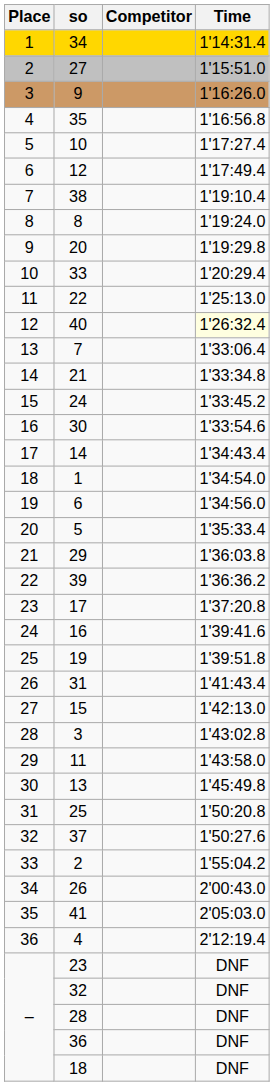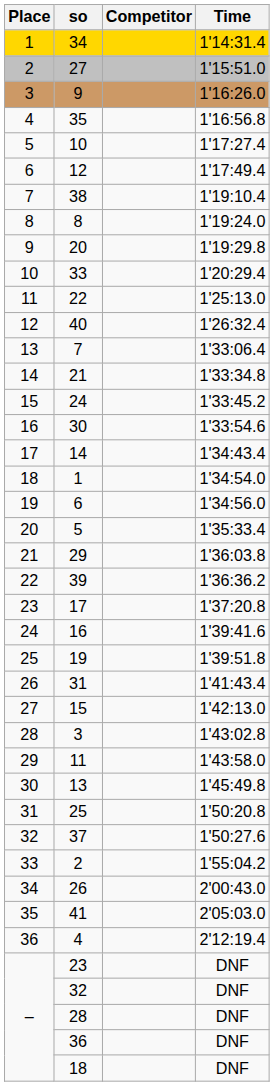 <table class=wikitable style="text-align:center">
 <tr>
 <th>Place</th>
 <th width=40>so</th>
 <th>Competitor</th>
 <th>Time</th>
 </tr>
 <tr align=center bgcolor=gold>
 <td>1</td>
 <td>34</td>
 <td align=left></td>
 <td>1'14:31.4</td>
 </tr>
 <tr align=center bgcolor=silver>
 <td>2</td>
 <td>27</td>
 <td align=left></td>
 <td>1'15:51.0</td>
 </tr>
 <tr align=center bgcolor=cc9966>
 <td>3</td>
 <td>9</td>
 <td align=left></td>
 <td>1'16:26.0</td>
 </tr>
 <tr>
 <td>4</td>
 <td>35</td>
 <td align=left></td>
 <td>1'16:56.8</td>
 </tr>
 <tr>
 <td>5</td>
 <td>10</td>
 <td align=left></td>
 <td>1'17:27.4</td>
 </tr>
 <tr>
 <td>6</td>
 <td>12</td>
 <td align=left></td>
 <td>1'17:49.4</td>
 </tr>
 <tr>
 <td>7</td>
 <td>38</td>
 <td align=left></td>
 <td>1'19:10.4</td>
 </tr>
 <tr>
 <td>8</td>
 <td>8</td>
 <td align=left></td>
 <td>1'19:24.0</td>
 </tr>
 <tr>
 <td>9</td>
 <td>20</td>
 <td align=left></td>
 <td>1'19:29.8</td>
 </tr>
 <tr>
 <td>10</td>
 <td>33</td>
 <td align=left></td>
 <td>1'20:29.4</td>
 </tr>
 <tr>
 <td>11</td>
 <td>22</td>
 <td align=left></td>
 <td>1'25:13.0</td>
 </tr>
 <tr>
 <td>12</td>
 <td>40</td>
 <td align=left></td>
-<td style="background: lightyellow;">1'26:32.4</td>
+<td>1'26:32.4</td>
 </tr>
 <tr>
 <td>13</td>
 <td>7</td>
 <td align=left></td>
 <td>1'33:06.4</td>
 </tr>
 <tr>
 <td>14</td>
 <td>21</td>
 <td align=left></td>
 <td>1'33:34.8</td>
 </tr>
 <tr>
 <td>15</td>
 <td>24</td>
 <td align=left></td>
 <td>1'33:45.2</td>
 </tr>
 <tr>
 <td>16</td>
 <td>30</td>
 <td align=left></td>
 <td>1'33:54.6</td>
 </tr>
 <tr>
 <td>17</td>
 <td>14</td>
 <td align=left></td>
 <td>1'34:43.4</td>
 </tr>
 <tr>
 <td>18</td>
 <td>1</td>
 <td align=left></td>
 <td>1'34:54.0</td>
 </tr>
 <tr>
 <td>19</td>
 <td>6</td>
 <td align=left></td>
 <td>1'34:56.0</td>
 </tr>
 <tr>
 <td>20</td>
 <td>5</td>
 <td align=left></td>
 <td>1'35:33.4</td>
 </tr>
 <tr>
 <td>21</td>
 <td>29</td>
 <td align=left></td>
 <td>1'36:03.8</td>
 </tr>
 <tr>
 <td>22</td>
 <td>39</td>
 <td align=left></td>
 <td>1'36:36.2</td>
 </tr>
 <tr>
 <td>23</td>
 <td>17</td>
 <td align=left></td>
 <td>1'37:20.8</td>
 </tr>
 <tr>
 <td>24</td>
 <td>16</td>
 <td align=left></td>
 <td>1'39:41.6</td>
 </tr>
 <tr>
 <td>25</td>
 <td>19</td>
 <td align=left></td>
 <td>1'39:51.8</td>
 </tr>
 <tr>
 <td>26</td>
 <td>31</td>
 <td align=left></td>
 <td>1'41:43.4</td>
 </tr>
 <tr>
 <td>27</td>
 <td>15</td>
 <td align=left></td>
 <td>1'42:13.0</td>
 </tr>
 <tr>
 <td>28</td>
 <td>3</td>
 <td align=left></td>
 <td>1'43:02.8</td>
 </tr>
 <tr>
 <td>29</td>
 <td>11</td>
 <td align=left></td>
 <td>1'43:58.0</td>
 </tr>
 <tr>
 <td>30</td>
 <td>13</td>
 <td align=left></td>
 <td>1'45:49.8</td>
 </tr>
 <tr>
 <td>31</td>
 <td>25</td>
 <td align=left></td>
 <td>1'50:20.8</td>
 </tr>
 <tr>
 <td>32</td>
 <td>37</td>
 <td align=left></td>
 <td>1'50:27.6</td>
 </tr>
 <tr>
 <td>33</td>
 <td>2</td>
 <td align=left></td>
 <td>1'55:04.2</td>
 </tr>
 <tr>
 <td>34</td>
 <td>26</td>
 <td align=left></td>
 <td>2'00:43.0</td>
 </tr>
 <tr>
 <td>35</td>
 <td>41</td>
 <td align=left></td>
 <td>2'05:03.0</td>
 </tr>
 <tr>
 <td>36</td>
 <td>4</td>
 <td align=left></td>
 <td>2'12:19.4</td>
 </tr>
 <tr>
 <td rowspan=5>–</td>
 <td>23</td>
 <td align=left></td>
 <td>DNF</td>
 </tr>
 <tr>
 <td>32</td>
 <td align=left></td>
 <td>DNF</td>
 </tr>
 <tr>
 <td>28</td>
 <td align=left></td>
 <td>DNF</td>
 </tr>
 <tr>
 <td>36</td>
 <td align=left></td>
 <td>DNF</td>
 </tr>
 <tr>
 <td>18</td>
 <td align=left></td>
 <td>DNF</td>
 </tr>
 </table>
